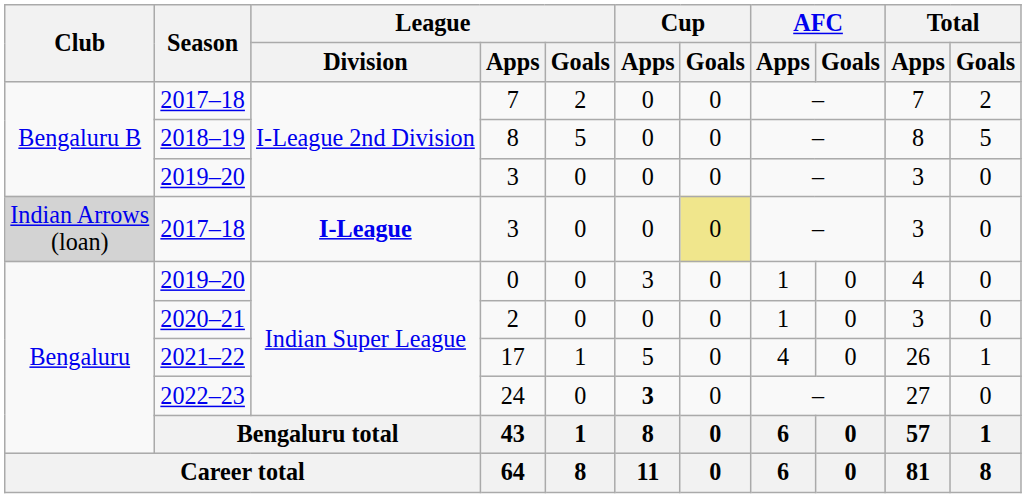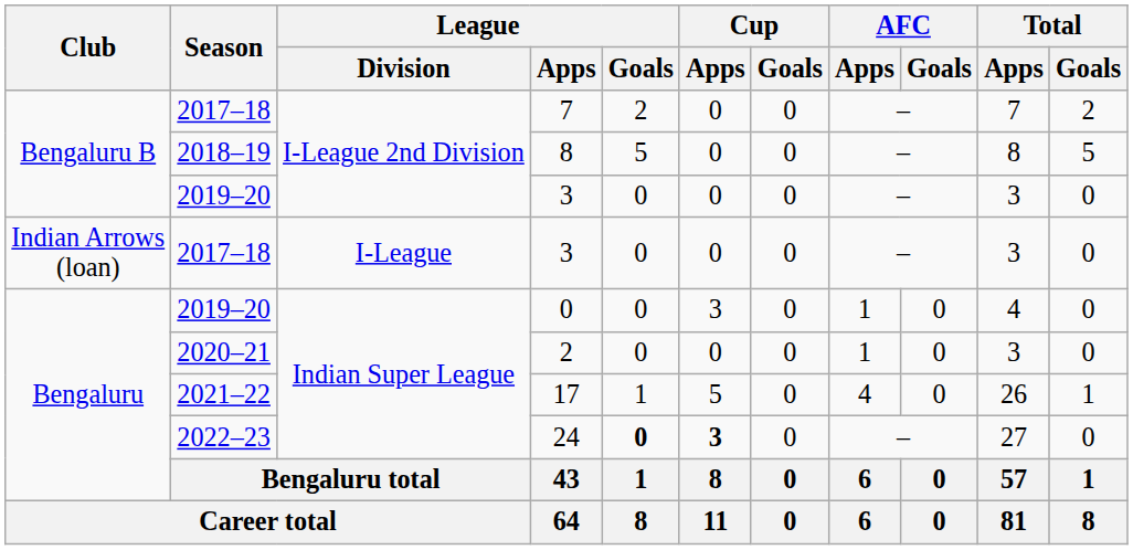 <table class="wikitable" style="text-align: center;">
 <tr>
 <th rowspan="2">Club</th>
 <th rowspan="2">Season</th>
 <th colspan="3">League</th>
 <th colspan="2">Cup</th>
 <th colspan="2"><a href='#'>AFC</a></th>
 <th colspan="2">Total</th>
 </tr>
 <tr>
 <th>Division</th>
 <th>Apps</th>
 <th>Goals</th>
 <th>Apps</th>
 <th>Goals</th>
 <th>Apps</th>
 <th>Goals</th>
 <th>Apps</th>
 <th>Goals</th>
 </tr>
 <tr>
 <td rowspan="3"><a href='#'>Bengaluru B</a></td>
 <td><a href='#'>2017–18</a></td>
 <td rowspan="3"><a href='#'>I-League 2nd Division</a></td>
 <td>7</td>
 <td>2</td>
 <td>0</td>
 <td>0</td>
 <td colspan="2">–</td>
 <td>7</td>
 <td>2</td>
 </tr>
 <tr>
 <td><a href='#'>2018–19</a></td>
 <td>8</td>
 <td>5</td>
 <td>0</td>
 <td>0</td>
 <td colspan="2">–</td>
 <td>8</td>
 <td>5</td>
 </tr>
 <tr>
 <td><a href='#'>2019–20</a></td>
 <td>3</td>
 <td>0</td>
 <td>0</td>
 <td>0</td>
 <td colspan="2">–</td>
 <td>3</td>
 <td>0</td>
 </tr>
 <tr>
-<td rowspan="1" style="background: lightgrey;"><a href='#'>Indian Arrows</a> <br>(loan)</td>
+<td rowspan="1"><a href='#'>Indian Arrows</a> <br>(loan)</td>
 <td><a href='#'>2017–18</a></td>
-<td rowspan="1"><strong><a href='#'>I-League</a></strong></td>
+<td rowspan="1"><a href='#'>I-League</a></td>
 <td>3</td>
 <td>0</td>
 <td>0</td>
-<td style="background: khaki;">0</td>
+<td>0</td>
 <td colspan="2">–</td>
 <td>3</td>
 <td>0</td>
 </tr>
 <tr>
 <td rowspan="5"><a href='#'>Bengaluru</a></td>
 <td><a href='#'>2019–20</a></td>
 <td rowspan="4"><a href='#'>Indian Super League</a></td>
 <td>0</td>
 <td>0</td>
 <td>3</td>
 <td>0</td>
 <td>1</td>
 <td>0</td>
 <td>4</td>
 <td>0</td>
 </tr>
 <tr>
 <td><a href='#'>2020–21</a></td>
 <td>2</td>
 <td>0</td>
 <td>0</td>
 <td>0</td>
 <td>1</td>
 <td>0</td>
 <td>3</td>
 <td>0</td>
 </tr>
 <tr>
 <td><a href='#'>2021–22</a></td>
 <td>17</td>
 <td>1</td>
 <td>5</td>
 <td>0</td>
 <td>4</td>
 <td>0</td>
 <td>26</td>
 <td>1</td>
 </tr>
 <tr>
 <td><a href='#'>2022–23</a></td>
 <td>24</td>
-<td>0</td>
+<td><strong>0</strong></td>
 <td><strong>3</strong></td>
 <td>0</td>
 <td colspan="2">–</td>
 <td>27</td>
 <td>0</td>
 </tr>
 <tr>
 <th colspan="2">Bengaluru total</th>
 <th>43</th>
 <th>1</th>
 <th>8</th>
 <th>0</th>
 <th>6</th>
 <th>0</th>
 <th>57</th>
 <th>1</th>
 </tr>
 <tr>
 <th colspan="3">Career total</th>
 <th>64</th>
 <th>8</th>
 <th>11</th>
 <th>0</th>
 <th>6</th>
 <th>0</th>
 <th>81</th>
 <th>8</th>
 </tr>
 </table>
